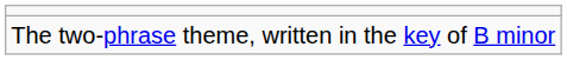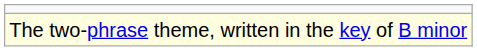 <table class="wikitable">
 <tr>
 <td></td>
 </tr>
 <tr>
-<td>The two-<a href='#'>phrase</a> theme, written in the <a href='#'>key</a> of <a href='#'>B minor</a></td>
+<td style="background: lightyellow;">The two-<a href='#'>phrase</a> theme, written in the <a href='#'>key</a> of <a href='#'>B minor</a></td>
 </tr>
 </table>
